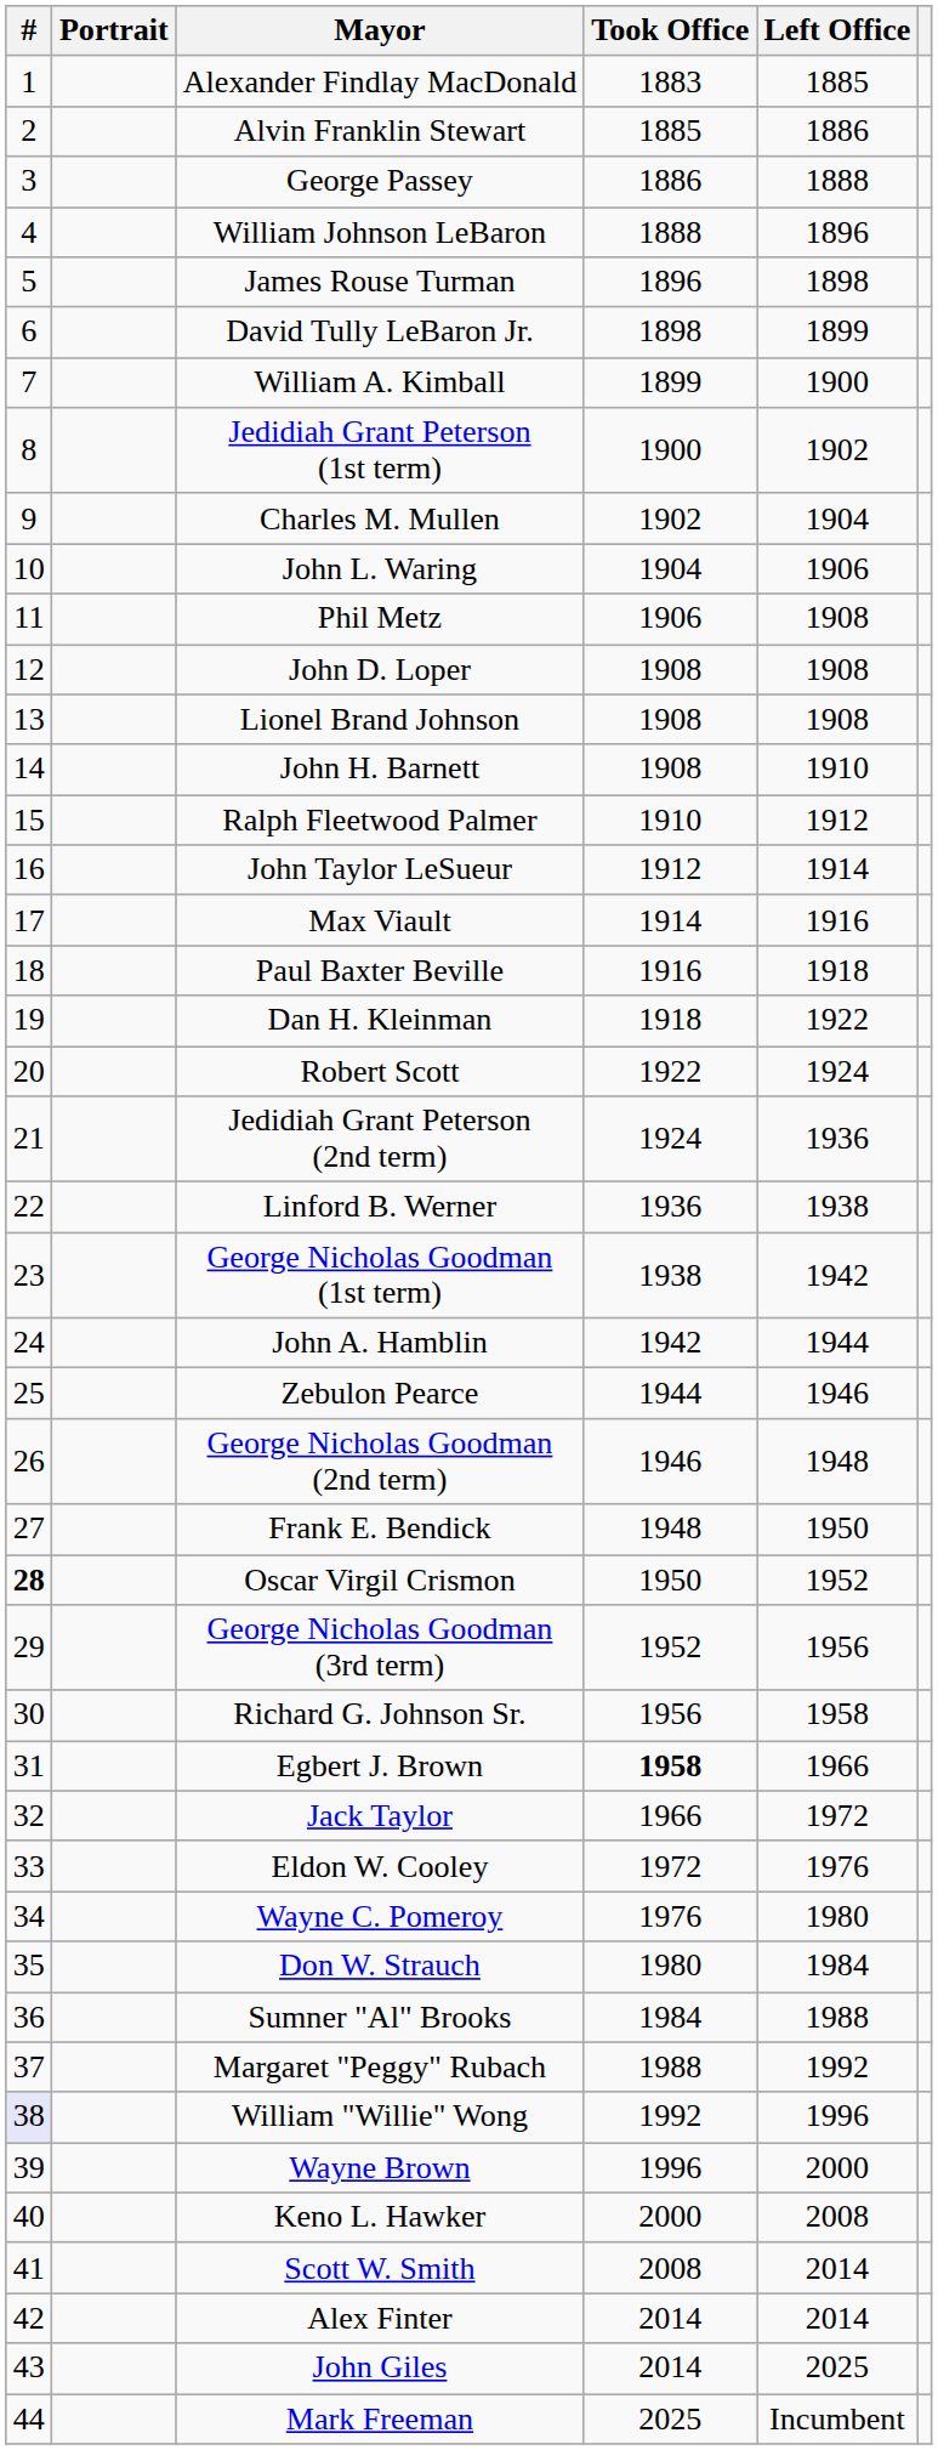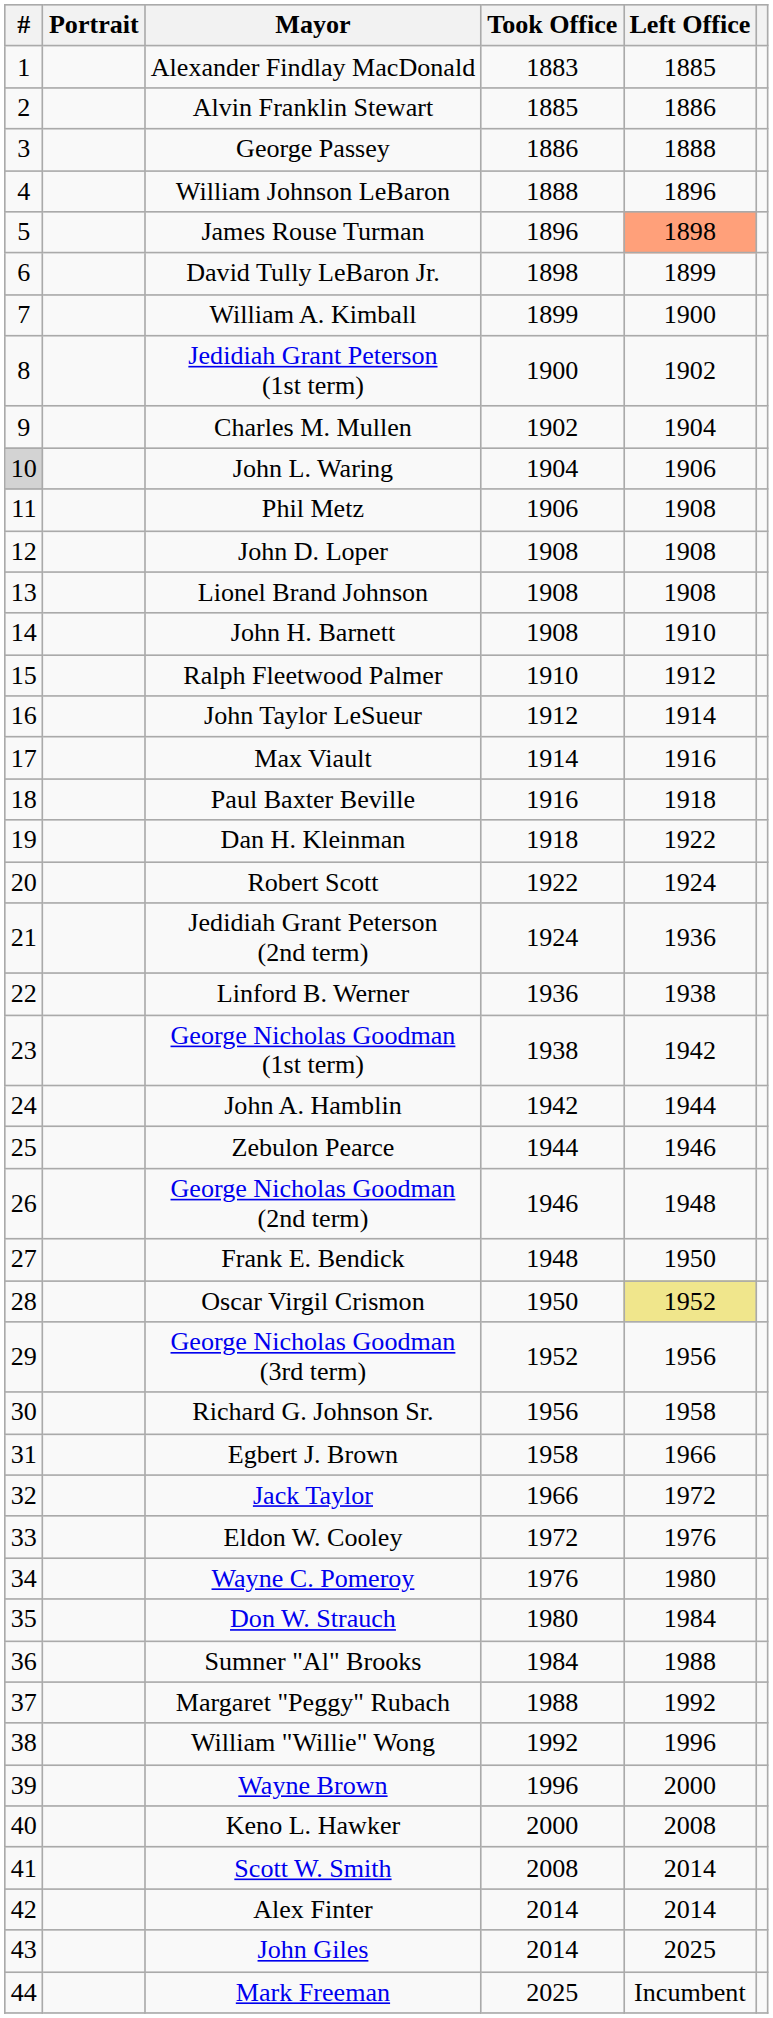 <table class="wikitable" style="text-align:center;">
 <tr>
 <th>#</th>
 <th>Portrait</th>
 <th>Mayor</th>
 <th>Took Office</th>
 <th>Left Office</th>
 <th></th>
 </tr>
 <tr>
 <td>1</td>
 <td></td>
 <td>Alexander Findlay MacDonald</td>
 <td>1883</td>
 <td>1885</td>
 <td></td>
 </tr>
 <tr>
 <td>2</td>
 <td></td>
 <td>Alvin Franklin Stewart</td>
 <td>1885</td>
 <td>1886</td>
 <td></td>
 </tr>
 <tr>
 <td>3</td>
 <td></td>
 <td>George Passey</td>
 <td>1886</td>
 <td>1888</td>
 <td></td>
 </tr>
 <tr>
 <td>4</td>
 <td></td>
 <td>William Johnson LeBaron</td>
 <td>1888</td>
 <td>1896</td>
 <td></td>
 </tr>
 <tr>
 <td>5</td>
 <td></td>
 <td>James Rouse Turman</td>
 <td>1896</td>
-<td>1898</td>
+<td style="background: lightsalmon;">1898</td>
 <td></td>
 </tr>
 <tr>
 <td>6</td>
 <td></td>
 <td>David Tully LeBaron Jr.</td>
 <td>1898</td>
 <td>1899</td>
 <td></td>
 </tr>
 <tr>
 <td>7</td>
 <td></td>
 <td>William A. Kimball</td>
 <td>1899</td>
 <td>1900</td>
 <td></td>
 </tr>
 <tr>
 <td>8</td>
 <td></td>
 <td><a href='#'>Jedidiah Grant Peterson</a><br> (1st term)</td>
 <td>1900</td>
 <td>1902</td>
 <td></td>
 </tr>
 <tr>
 <td>9</td>
 <td></td>
 <td>Charles M. Mullen</td>
 <td>1902</td>
 <td>1904</td>
 <td></td>
 </tr>
 <tr>
-<td>10</td>
+<td style="background: lightgrey;">10</td>
 <td></td>
 <td>John L. Waring</td>
 <td>1904</td>
 <td>1906</td>
 <td></td>
 </tr>
 <tr>
 <td>11</td>
 <td></td>
 <td>Phil Metz</td>
 <td>1906</td>
 <td>1908</td>
 <td></td>
 </tr>
 <tr>
 <td>12</td>
 <td></td>
 <td>John D. Loper</td>
 <td>1908</td>
 <td>1908</td>
 <td></td>
 </tr>
 <tr>
 <td>13</td>
 <td></td>
 <td>Lionel Brand Johnson</td>
 <td>1908</td>
 <td>1908</td>
 <td></td>
 </tr>
 <tr>
 <td>14</td>
 <td></td>
 <td>John H. Barnett</td>
 <td>1908</td>
 <td>1910</td>
 <td></td>
 </tr>
 <tr>
 <td>15</td>
 <td></td>
 <td>Ralph Fleetwood Palmer</td>
 <td>1910</td>
 <td>1912</td>
 <td></td>
 </tr>
 <tr>
 <td>16</td>
 <td></td>
 <td>John Taylor LeSueur</td>
 <td>1912</td>
 <td>1914</td>
 <td></td>
 </tr>
 <tr>
 <td>17</td>
 <td></td>
 <td>Max Viault</td>
 <td>1914</td>
 <td>1916</td>
 <td></td>
 </tr>
 <tr>
 <td>18</td>
 <td></td>
 <td>Paul Baxter Beville</td>
 <td>1916</td>
 <td>1918</td>
 <td></td>
 </tr>
 <tr>
 <td>19</td>
 <td></td>
 <td>Dan H. Kleinman</td>
 <td>1918</td>
 <td>1922</td>
 <td></td>
 </tr>
 <tr>
 <td>20</td>
 <td></td>
 <td>Robert Scott</td>
 <td>1922</td>
 <td>1924</td>
 <td></td>
 </tr>
 <tr>
 <td>21</td>
 <td></td>
 <td>Jedidiah Grant Peterson<br> (2nd term)</td>
 <td>1924</td>
 <td>1936</td>
 <td></td>
 </tr>
 <tr>
 <td>22</td>
 <td></td>
 <td>Linford B. Werner</td>
 <td>1936</td>
 <td>1938</td>
 <td></td>
 </tr>
 <tr>
 <td>23</td>
 <td></td>
 <td><a href='#'>George Nicholas Goodman</a><br> (1st term)</td>
 <td>1938</td>
 <td>1942</td>
 <td></td>
 </tr>
 <tr>
 <td>24</td>
 <td></td>
 <td>John A. Hamblin</td>
 <td>1942</td>
 <td>1944</td>
 <td></td>
 </tr>
 <tr>
 <td>25</td>
 <td></td>
 <td>Zebulon Pearce</td>
 <td>1944</td>
 <td>1946</td>
 <td></td>
 </tr>
 <tr>
 <td>26</td>
 <td></td>
 <td><a href='#'>George Nicholas Goodman</a><br> (2nd term)</td>
 <td>1946</td>
 <td>1948</td>
 <td></td>
 </tr>
 <tr>
 <td>27</td>
 <td></td>
 <td>Frank E. Bendick</td>
 <td>1948</td>
 <td>1950</td>
 <td></td>
 </tr>
 <tr>
-<td><strong>28</strong></td>
+<td>28</td>
 <td></td>
 <td>Oscar Virgil Crismon</td>
 <td>1950</td>
-<td>1952</td>
+<td style="background: khaki;">1952</td>
 <td></td>
 </tr>
 <tr>
 <td>29</td>
 <td></td>
 <td><a href='#'>George Nicholas Goodman</a><br> (3rd term)</td>
 <td>1952</td>
 <td>1956</td>
 <td></td>
 </tr>
 <tr>
 <td>30</td>
 <td></td>
 <td>Richard G. Johnson Sr.</td>
 <td>1956</td>
 <td>1958</td>
 <td></td>
 </tr>
 <tr>
 <td>31</td>
 <td></td>
 <td>Egbert J. Brown</td>
-<td><strong>1958</strong></td>
+<td>1958</td>
 <td>1966</td>
 <td></td>
 </tr>
 <tr>
 <td>32</td>
 <td></td>
 <td><a href='#'>Jack Taylor</a></td>
 <td>1966</td>
 <td>1972</td>
 <td></td>
 </tr>
 <tr>
 <td>33</td>
 <td></td>
 <td>Eldon W. Cooley</td>
 <td>1972</td>
 <td>1976</td>
 <td></td>
 </tr>
 <tr>
 <td>34</td>
 <td></td>
 <td><a href='#'>Wayne C. Pomeroy</a></td>
 <td>1976</td>
 <td>1980</td>
 <td></td>
 </tr>
 <tr>
 <td>35</td>
 <td></td>
 <td><a href='#'>Don W. Strauch</a></td>
 <td>1980</td>
 <td>1984</td>
 <td></td>
 </tr>
 <tr>
 <td>36</td>
 <td></td>
 <td>Sumner "Al" Brooks</td>
 <td>1984</td>
 <td>1988</td>
 <td></td>
 </tr>
 <tr>
 <td>37</td>
 <td></td>
 <td>Margaret "Peggy" Rubach</td>
 <td>1988</td>
 <td>1992</td>
 <td></td>
 </tr>
 <tr>
-<td style="background: lavender;">38</td>
+<td>38</td>
 <td></td>
 <td>William "Willie" Wong</td>
 <td>1992</td>
 <td>1996</td>
 <td></td>
 </tr>
 <tr>
 <td>39</td>
 <td></td>
 <td><a href='#'>Wayne Brown</a></td>
 <td>1996</td>
 <td>2000</td>
 <td></td>
 </tr>
 <tr>
 <td>40</td>
 <td></td>
 <td>Keno L. Hawker</td>
 <td>2000</td>
 <td>2008</td>
 <td></td>
 </tr>
 <tr>
 <td>41</td>
 <td></td>
 <td><a href='#'>Scott W. Smith</a></td>
 <td>2008</td>
 <td>2014</td>
 <td></td>
 </tr>
 <tr>
 <td>42</td>
 <td></td>
 <td>Alex Finter</td>
 <td>2014</td>
 <td>2014</td>
 <td></td>
 </tr>
 <tr>
 <td>43</td>
 <td></td>
 <td><a href='#'>John Giles</a></td>
 <td>2014</td>
 <td>2025</td>
 <td></td>
 </tr>
 <tr>
 <td>44</td>
 <td></td>
 <td><a href='#'>Mark Freeman</a></td>
 <td>2025</td>
 <td>Incumbent</td>
 <td></td>
 </tr>
 </table>
